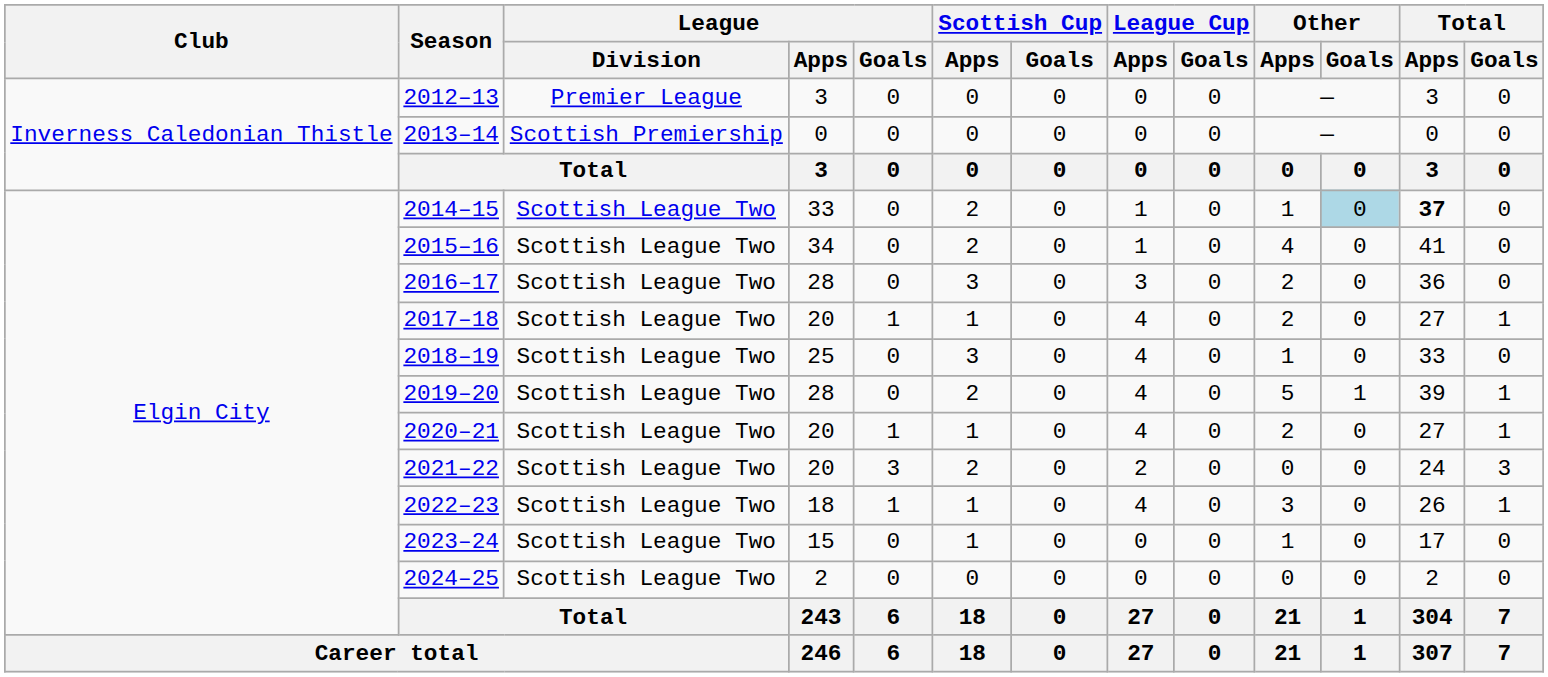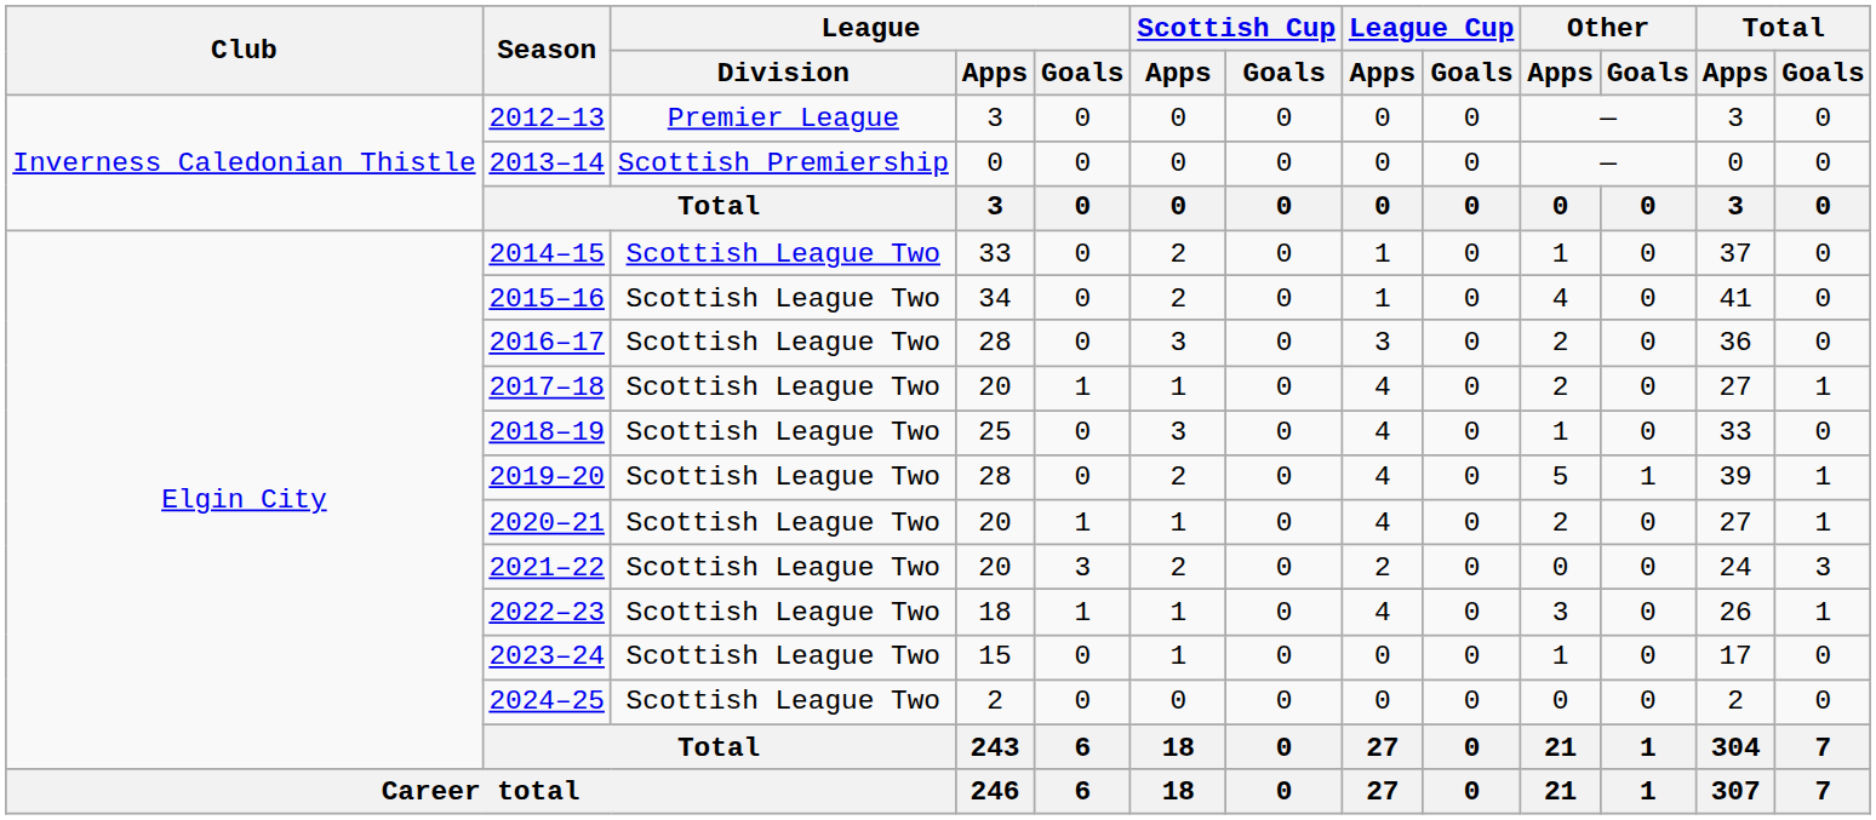 <table class="wikitable" style="text-align: center">
 <tr>
 <th rowspan="2">Club</th>
 <th rowspan="2">Season</th>
 <th colspan="3">League</th>
 <th colspan="2"><a href='#'>Scottish Cup</a></th>
 <th colspan="2"><a href='#'>League Cup</a></th>
 <th colspan="2">Other</th>
 <th colspan="2">Total</th>
 </tr>
 <tr>
 <th>Division</th>
 <th>Apps</th>
 <th>Goals</th>
 <th>Apps</th>
 <th>Goals</th>
 <th>Apps</th>
 <th>Goals</th>
 <th>Apps</th>
 <th>Goals</th>
 <th>Apps</th>
 <th>Goals</th>
 </tr>
 <tr>
 <td rowspan="3"><a href='#'>Inverness Caledonian Thistle</a></td>
 <td><a href='#'>2012–13</a></td>
 <td><a href='#'>Premier League</a></td>
 <td>3</td>
 <td>0</td>
 <td>0</td>
 <td>0</td>
 <td>0</td>
 <td>0</td>
 <td colspan="2">—</td>
 <td>3</td>
 <td>0</td>
 </tr>
 <tr>
 <td><a href='#'>2013–14</a></td>
 <td><a href='#'>Scottish Premiership</a></td>
 <td>0</td>
 <td>0</td>
 <td>0</td>
 <td>0</td>
 <td>0</td>
 <td>0</td>
 <td colspan="2">—</td>
 <td>0</td>
 <td>0</td>
 </tr>
 <tr>
 <th colspan="2">Total</th>
 <th>3</th>
 <th>0</th>
 <th>0</th>
 <th>0</th>
 <th>0</th>
 <th>0</th>
 <th>0</th>
 <th>0</th>
 <th>3</th>
 <th>0</th>
 </tr>
 <tr>
 <td rowspan="12"><a href='#'>Elgin City</a></td>
 <td><a href='#'>2014–15</a></td>
 <td><a href='#'>Scottish League Two</a></td>
 <td>33</td>
 <td>0</td>
 <td>2</td>
 <td>0</td>
 <td>1</td>
 <td>0</td>
 <td>1</td>
-<td style="background: lightblue;">0</td>
-<td><strong>37</strong></td>
+<td>0</td>
+<td>37</td>
 <td>0</td>
 </tr>
 <tr>
 <td><a href='#'>2015–16</a></td>
 <td>Scottish League Two</td>
 <td>34</td>
 <td>0</td>
 <td>2</td>
 <td>0</td>
 <td>1</td>
 <td>0</td>
 <td>4</td>
 <td>0</td>
 <td>41</td>
 <td>0</td>
 </tr>
 <tr>
 <td><a href='#'>2016–17</a></td>
 <td>Scottish League Two</td>
 <td>28</td>
 <td>0</td>
 <td>3</td>
 <td>0</td>
 <td>3</td>
 <td>0</td>
 <td>2</td>
 <td>0</td>
 <td>36</td>
 <td>0</td>
 </tr>
 <tr>
 <td><a href='#'>2017–18</a></td>
 <td>Scottish League Two</td>
 <td>20</td>
 <td>1</td>
 <td>1</td>
 <td>0</td>
 <td>4</td>
 <td>0</td>
 <td>2</td>
 <td>0</td>
 <td>27</td>
 <td>1</td>
 </tr>
 <tr>
 <td><a href='#'>2018–19</a></td>
 <td>Scottish League Two</td>
 <td>25</td>
 <td>0</td>
 <td>3</td>
 <td>0</td>
 <td>4</td>
 <td>0</td>
 <td>1</td>
 <td>0</td>
 <td>33</td>
 <td>0</td>
 </tr>
 <tr>
 <td><a href='#'>2019–20</a></td>
 <td>Scottish League Two</td>
 <td>28</td>
 <td>0</td>
 <td>2</td>
 <td>0</td>
 <td>4</td>
 <td>0</td>
 <td>5</td>
 <td>1</td>
 <td>39</td>
 <td>1</td>
 </tr>
 <tr>
 <td><a href='#'>2020–21</a></td>
 <td>Scottish League Two</td>
 <td>20</td>
 <td>1</td>
 <td>1</td>
 <td>0</td>
 <td>4</td>
 <td>0</td>
 <td>2</td>
 <td>0</td>
 <td>27</td>
 <td>1</td>
 </tr>
 <tr>
 <td><a href='#'>2021–22</a></td>
 <td>Scottish League Two</td>
 <td>20</td>
 <td>3</td>
 <td>2</td>
 <td>0</td>
 <td>2</td>
 <td>0</td>
 <td>0</td>
 <td>0</td>
 <td>24</td>
 <td>3</td>
 </tr>
 <tr>
 <td><a href='#'>2022–23</a></td>
 <td>Scottish League Two</td>
 <td>18</td>
 <td>1</td>
 <td>1</td>
 <td>0</td>
 <td>4</td>
 <td>0</td>
 <td>3</td>
 <td>0</td>
 <td>26</td>
 <td>1</td>
 </tr>
 <tr>
 <td><a href='#'>2023–24</a></td>
 <td>Scottish League Two</td>
 <td>15</td>
 <td>0</td>
 <td>1</td>
 <td>0</td>
 <td>0</td>
 <td>0</td>
 <td>1</td>
 <td>0</td>
 <td>17</td>
 <td>0</td>
 </tr>
 <tr>
 <td><a href='#'>2024–25</a></td>
 <td>Scottish League Two</td>
 <td>2</td>
 <td>0</td>
 <td>0</td>
 <td>0</td>
 <td>0</td>
 <td>0</td>
 <td>0</td>
 <td>0</td>
 <td>2</td>
 <td>0</td>
 </tr>
 <tr>
 <th colspan="2">Total</th>
 <th>243</th>
 <th>6</th>
 <th>18</th>
 <th>0</th>
 <th>27</th>
 <th>0</th>
 <th>21</th>
 <th>1</th>
 <th>304</th>
 <th>7</th>
 </tr>
 <tr>
 <th colspan="3">Career total</th>
 <th>246</th>
 <th>6</th>
 <th>18</th>
 <th>0</th>
 <th>27</th>
 <th>0</th>
 <th>21</th>
 <th>1</th>
 <th>307</th>
 <th>7</th>
 </tr>
 </table>
